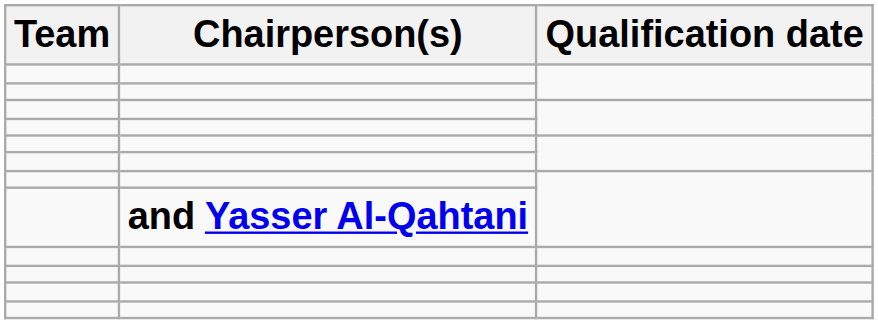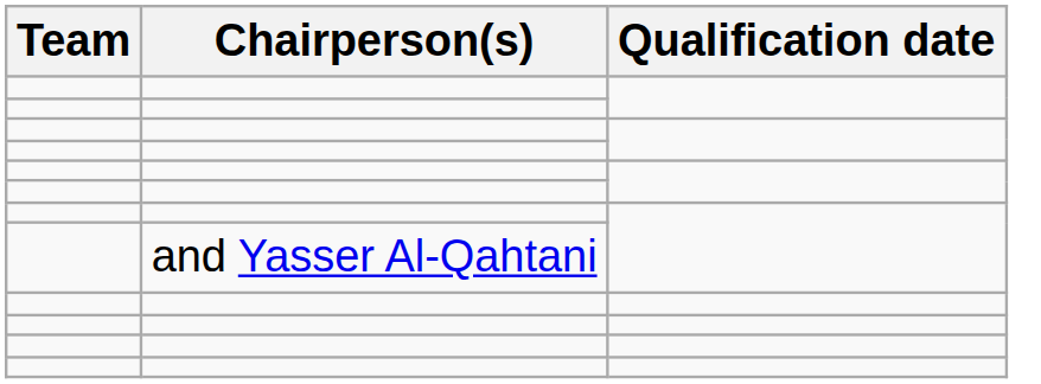 <table class="wikitable sortable" style="text-align: left;">
 <tr>
 <th>Team</th>
 <th>Chairperson(s)</th>
 <th>Qualification date</th>
 </tr>
 <tr>
 <td></td>
 <td></td>
 <td rowspan=2></td>
 </tr>
 <tr>
 <td></td>
 <td></td>
 </tr>
 <tr>
 <td></td>
 <td></td>
 <td rowspan=2></td>
 </tr>
 <tr>
 <td></td>
 <td {{nobreak></td>
 </tr>
 <tr>
 <td></td>
 <td></td>
 <td rowspan=2></td>
 </tr>
 <tr>
 <td></td>
 <td></td>
 </tr>
 <tr>
 <td></td>
 <td></td>
 <td rowspan=2></td>
 </tr>
 <tr>
 <td></td>
-<td {{nobreak><strong> and <a href='#'>Yasser Al-Qahtani</a></strong></td>
+<td {{nobreak> and <a href='#'>Yasser Al-Qahtani</a></td>
 </tr>
 <tr>
 <td></td>
 <td></td>
 <td></td>
 </tr>
 <tr>
 <td></td>
 <td></td>
 <td></td>
 </tr>
 <tr>
 <td></td>
 <td></td>
 <td></td>
 </tr>
 <tr>
 <td></td>
 <td></td>
 <td></td>
 </tr>
 </table>
